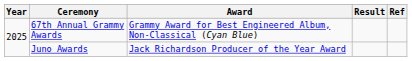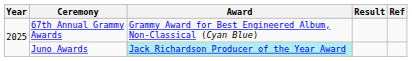 <table class="wikitable">
 <tr style="background:#ccc; text-align:center;">
 <th scope="col">Year</th>
 <th scope="col">Ceremony</th>
 <th scope="col">Award</th>
 <th scope="col">Result</th>
 <th>Ref</th>
 </tr>
 <tr>
 <td rowspan="2">2025</td>
 <td><a href='#'>67th Annual Grammy Awards</a></td>
 <td><a href='#'>Grammy Award for Best Engineered Album, Non-Classical</a> (<em>Cyan Blue</em>)</td>
 <td></td>
 <td style="text-align:center;"></td>
 </tr>
 <tr>
 <td><a href='#'>Juno Awards</a></td>
-<td><a href='#'>Jack Richardson Producer of the Year Award</a></td>
+<td style="background: paleturquoise;"><a href='#'>Jack Richardson Producer of the Year Award</a></td>
 <td></td>
 <td style="text-align:center;"></td>
 </tr>
 </table>
